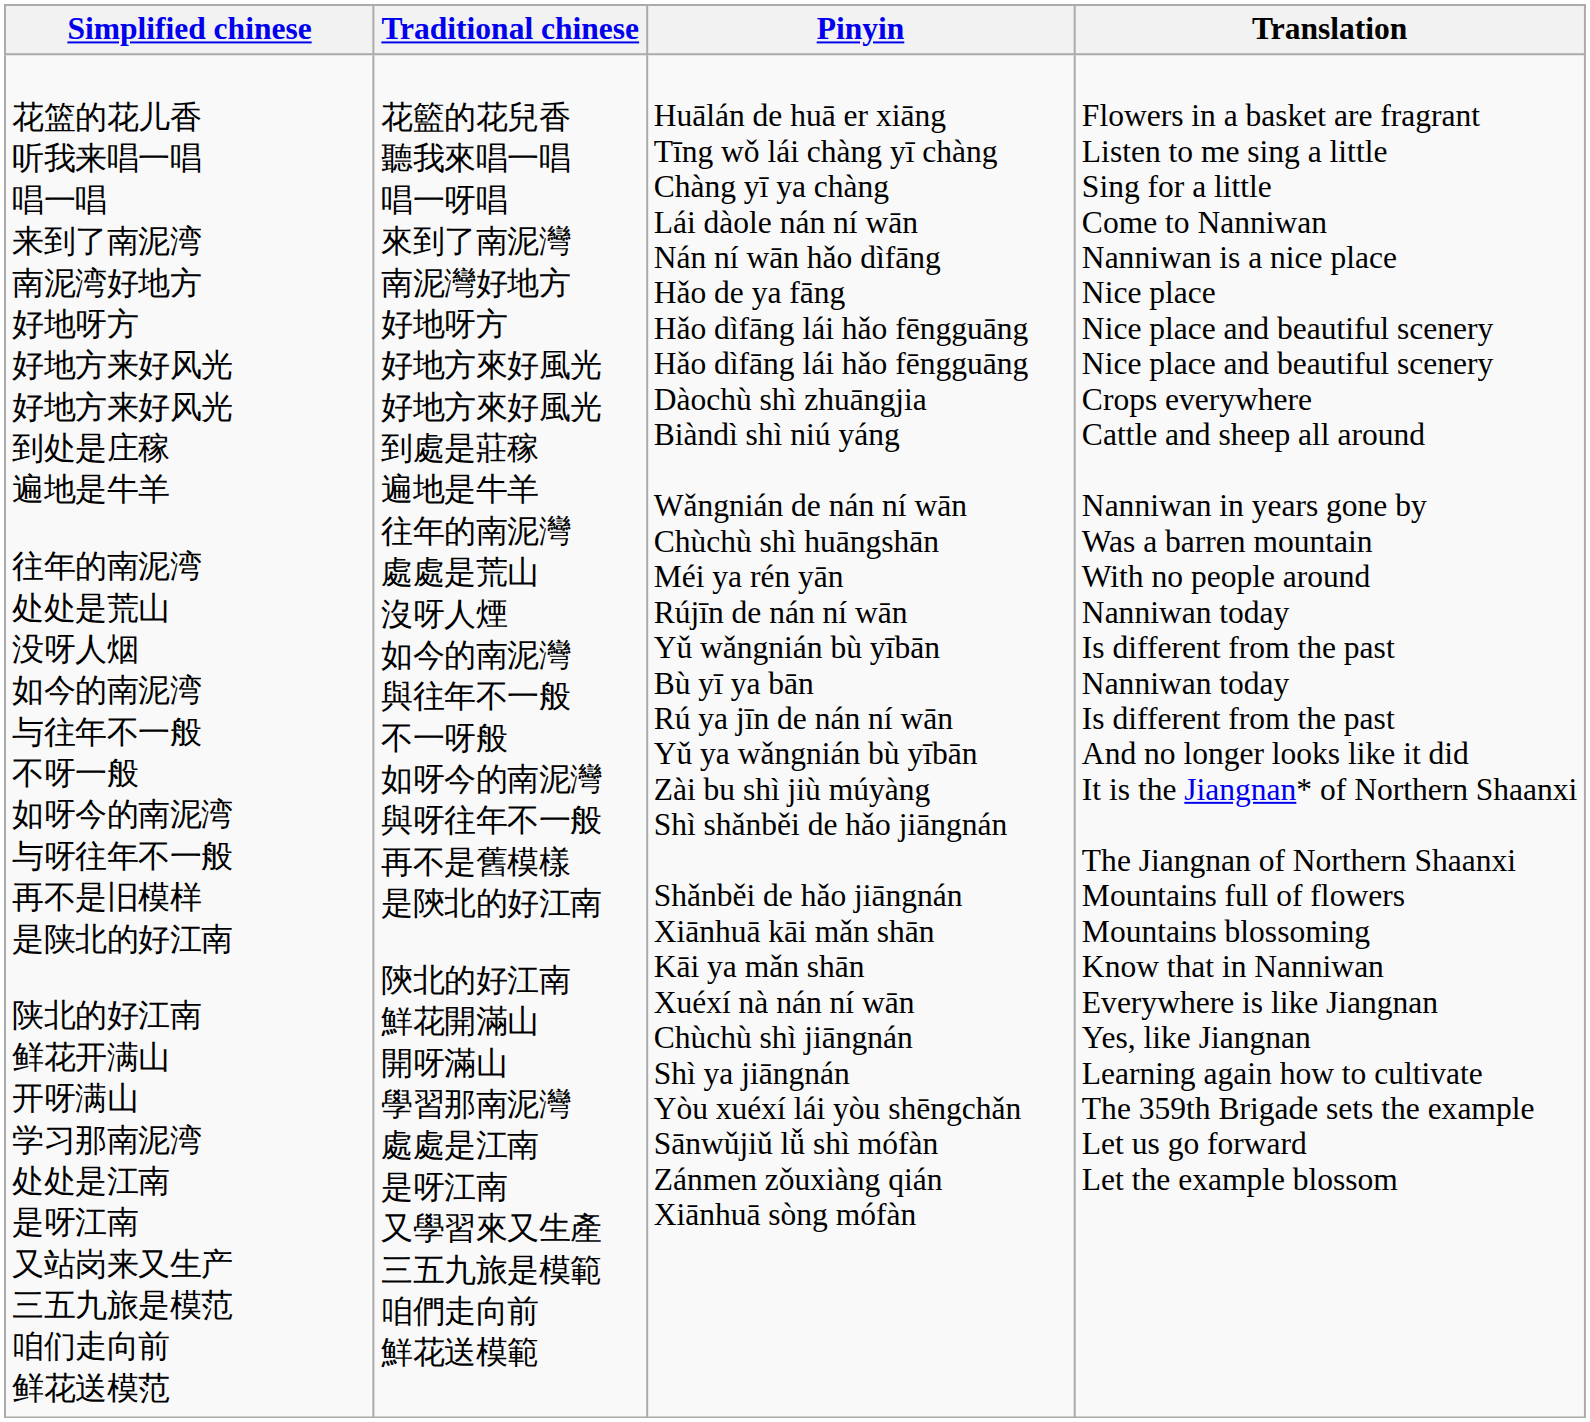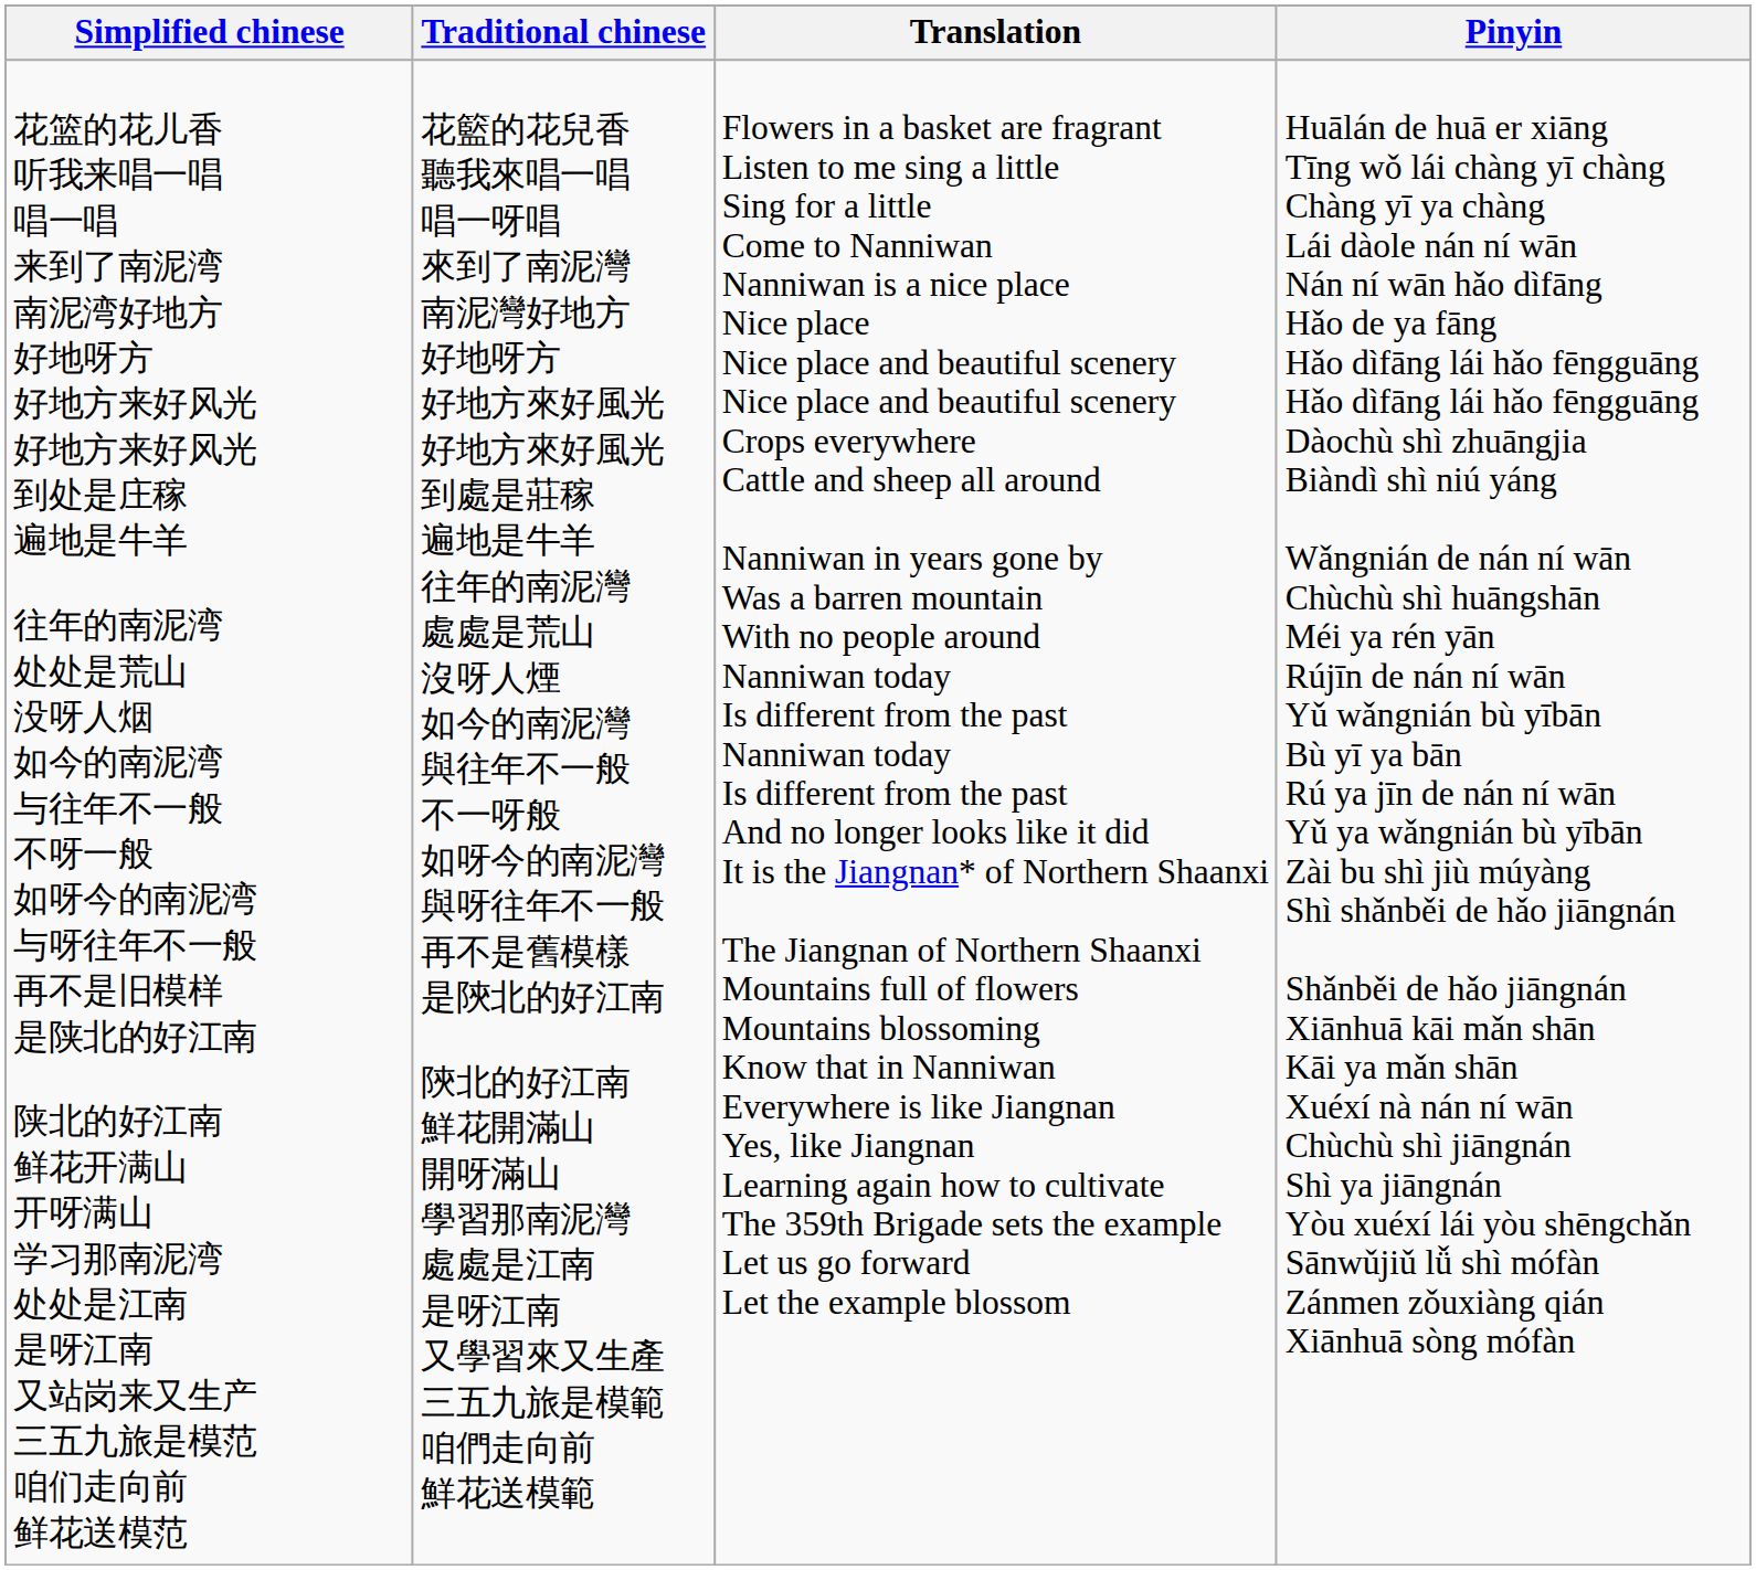 <table class="wikitable">
 <tr>
 <th width="180"><a href='#'>Simplified chinese</a></th>
 <th><a href='#'>Traditional chinese</a></th>
+<th>Translation </th>
 <th width="210"><a href='#'>Pinyin</a></th>
-<th>Translation </th>
 </tr>
 <tr valign="top">
 <td><br>花篮的花儿香<br> 听我来唱一唱<br> 唱一唱<br> 来到了南泥湾<br> 南泥湾好地方<br> 好地呀方<br> 好地方来好风光<br> 好地方来好风光<br> 到处是庄稼<br> 遍地是牛羊<br><br>往年的南泥湾<br> 处处是荒山<br> 没呀人烟<br> 如今的南泥湾<br> 与往年不一般<br> 不呀一般<br> 如呀今的南泥湾<br>  与呀往年不一般<br> 再不是旧模样<br> 是陕北的好江南<br><br>陕北的好江南<br> 鲜花开满山<br> 开呀满山<br> 学习那南泥湾<br> 处处是江南<br> 是呀江南<br> 又站岗来又生产<br> 三五九旅是模范<br> 咱们走向前<br> 鲜花送模范<br></td>
 <td><br>花籃的花兒香<br> 聽我來唱一唱<br> 唱一呀唱<br> 來到了南泥灣<br> 南泥灣好地方<br> 好地呀方<br> 好地方來好風光<br> 好地方來好風光<br> 到處是莊稼<br> 遍地是牛羊<br> 往年的南泥灣<br>  處處是荒山<br> 沒呀人煙<br> 如今的南泥灣<br> 與往年不一般<br> 不一呀般<br> 如呀今的南泥灣<br>  與呀往年不一般<br> 再不是舊模樣<br>  是陝北的好江南<br> <br> 陝北的好江南<br>  鮮花開滿山<br> 開呀滿山<br> 學習那南泥灣<br>  處處是江南 <br> 是呀江南<br> 又學習來又生產<br>  三五九旅是模範<br> 咱們走向前<br> 鮮花送模範<br></td>
+<td><br>Flowers in a basket are fragrant<br> Listen to me sing a little<br> Sing for a little<br> Come to Nanniwan<br> Nanniwan is a nice place<br> Nice place<br> Nice place and beautiful scenery<br> Nice place and beautiful scenery<br> Crops everywhere<br> Cattle and sheep all around<br><br>Nanniwan in years gone by<br> Was a barren mountain<br> With no people around<br> Nanniwan today<br> Is different from the past<br> Nanniwan today<br> Is different from the past<br> And no longer looks like it did<br> It is the <a href='#'>Jiangnan</a>* of Northern Shaanxi<br><br>The Jiangnan of Northern Shaanxi<br> Mountains full of flowers<br> Mountains blossoming<br> Know that in Nanniwan<br> Everywhere is like Jiangnan<br> Yes, like Jiangnan<br> Learning again how to cultivate<br> The 359th Brigade sets the example<br> Let us go forward<br> Let the example blossom<br></td>
 <td><br>Huālán de huā er xiāng<br>  Tīng wǒ lái chàng yī chàng<br> Chàng yī ya chàng<br> Lái dàole nán ní wān<br>  Nán ní wān hǎo dìfāng<br>  Hǎo de ya fāng<br> Hǎo dìfāng lái hǎo fēngguāng<br>  Hǎo dìfāng lái hǎo fēngguāng<br> Dàochù shì zhuāngjia<br> Biàndì shì niú yáng<br><br> Wǎngnián de nán ní wān<br>  Chùchù shì huāngshān <br> Méi ya rén yān<br> Rújīn de nán ní wān<br>  Yǔ wǎngnián bù yībān <br> Bù yī ya bān<br> Rú ya jīn de nán ní wān <br> Yǔ ya wǎngnián bù yībān<br> Zài bu shì jiù múyàng <br> Shì shǎnběi de hǎo jiāngnán<br><br>Shǎnběi de hǎo jiāngnán <br> Xiānhuā kāi mǎn shān <br> Kāi ya mǎn shān<br> Xuéxí nà nán ní wān <br> Chùchù shì jiāngnán<br> Shì ya jiāngnán<br> Yòu xuéxí lái yòu shēngchǎn<br> Sānwǔjiǔ lǚ shì mófàn<br> Zánmen zǒuxiàng qián<br> Xiānhuā sòng mófàn<br></td>
-<td><br>Flowers in a basket are fragrant<br> Listen to me sing a little<br> Sing for a little<br> Come to Nanniwan<br> Nanniwan is a nice place<br> Nice place<br> Nice place and beautiful scenery<br> Nice place and beautiful scenery<br> Crops everywhere<br> Cattle and sheep all around<br><br>Nanniwan in years gone by<br> Was a barren mountain<br> With no people around<br> Nanniwan today<br> Is different from the past<br> Nanniwan today<br> Is different from the past<br> And no longer looks like it did<br> It is the <a href='#'>Jiangnan</a>* of Northern Shaanxi<br><br>The Jiangnan of Northern Shaanxi<br> Mountains full of flowers<br> Mountains blossoming<br> Know that in Nanniwan<br> Everywhere is like Jiangnan<br> Yes, like Jiangnan<br> Learning again how to cultivate<br> The 359th Brigade sets the example<br> Let us go forward<br> Let the example blossom<br></td>
 </tr>
 </table>
